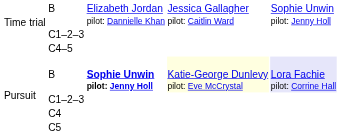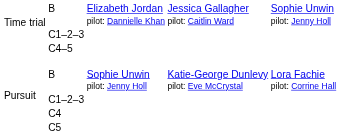 <table>
 <tr>
 <td rowspan=3>Time trial<br></td>
 <td>B<br></td>
 <td><br><a href='#'>Elizabeth Jordan</a><br><small>pilot: <a href='#'>Dannielle Khan</a></small></td>
 <td><br><a href='#'>Jessica Gallagher</a><br><small>pilot: <a href='#'>Caitlin Ward</a></small></td>
 <td><br><a href='#'>Sophie Unwin</a><br><small>pilot: <a href='#'>Jenny Holl</a></small></td>
 </tr>
 <tr>
 <td>C1–2–3<br></td>
 <td></td>
 <td></td>
 <td></td>
 </tr>
 <tr>
 <td>C4–5<br></td>
 <td></td>
 <td></td>
 <td></td>
 </tr>
 <tr>
 <td rowspan=4>Pursuit<br></td>
 <td>B<br></td>
-<td><strong><br><a href='#'>Sophie Unwin</a><br><small>pilot: <a href='#'>Jenny Holl</a></small></strong></td>
-<td style="background: lightyellow;"><br><a href='#'>Katie-George Dunlevy</a><br><small>pilot: <a href='#'>Eve McCrystal</a></small></td>
-<td style="background: lavender;"><br><a href='#'>Lora Fachie</a><br><small>pilot: <a href='#'>Corrine Hall</a></small></td>
+<td><br><a href='#'>Sophie Unwin</a><br><small>pilot: <a href='#'>Jenny Holl</a></small></td>
+<td><br><a href='#'>Katie-George Dunlevy</a><br><small>pilot: <a href='#'>Eve McCrystal</a></small></td>
+<td><br><a href='#'>Lora Fachie</a><br><small>pilot: <a href='#'>Corrine Hall</a></small></td>
 </tr>
 <tr>
 <td>C1–2–3<br></td>
 <td></td>
 <td></td>
 <td></td>
 </tr>
 <tr>
 <td>C4<br></td>
 <td></td>
 <td></td>
 <td></td>
 </tr>
 <tr>
 <td>C5<br></td>
 <td></td>
 <td></td>
 <td></td>
 </tr>
 </table>
